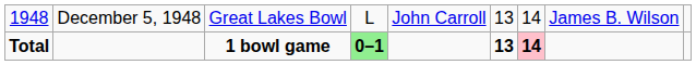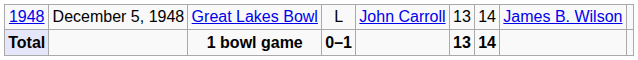 <table class="wikitable" style="text-align:center;">
 <tr align=center>
 <td><a href='#'>1948</a></td>
 <td>December 5, 1948</td>
 <td><a href='#'>Great Lakes Bowl</a></td>
 <td>L</td>
 <td><a href='#'>John Carroll</a></td>
 <td>13</td>
 <td>14</td>
 <td><a href='#'>James B. Wilson</a></td>
 <td></td>
 </tr>
 <tr align=center>
 </tr>
 <tr>
-<td><strong>Total</strong></td>
+<td style="background: lavender;"><strong>Total</strong></td>
 <td></td>
 <td><strong>1 bowl game</strong></td>
-<td style="background: lightgreen;"><strong>0–1</strong></td>
+<td><strong>0–1</strong></td>
 <td></td>
 <td><strong>13</strong></td>
-<td style="background: pink;"><strong>14</strong></td>
+<td><strong>14</strong></td>
 <td></td>
 <td></td>
 </tr>
 </table>
